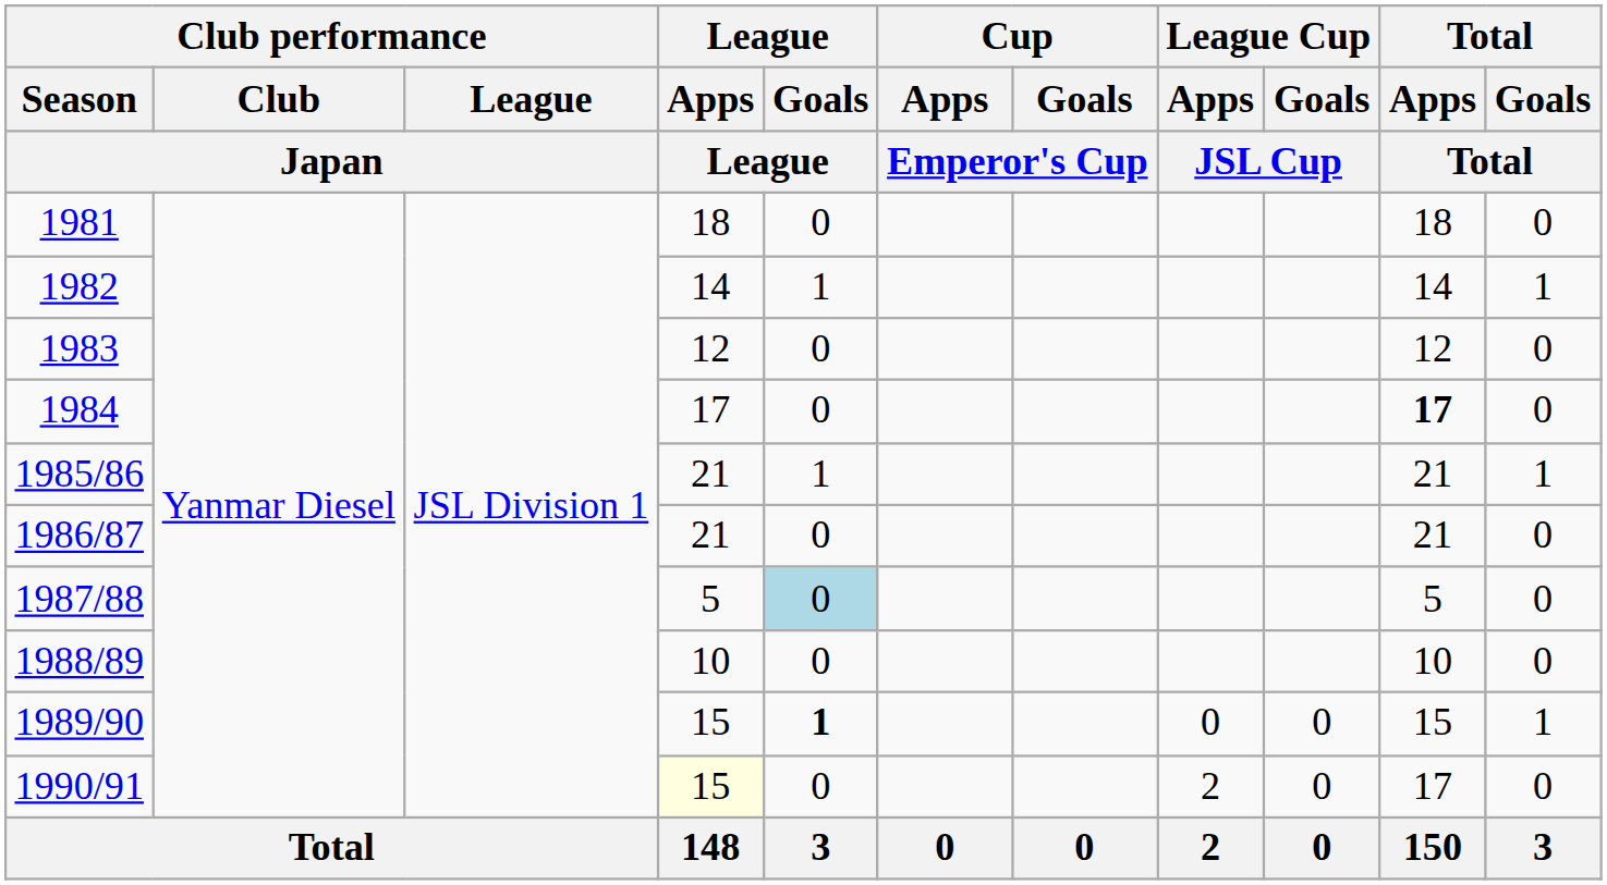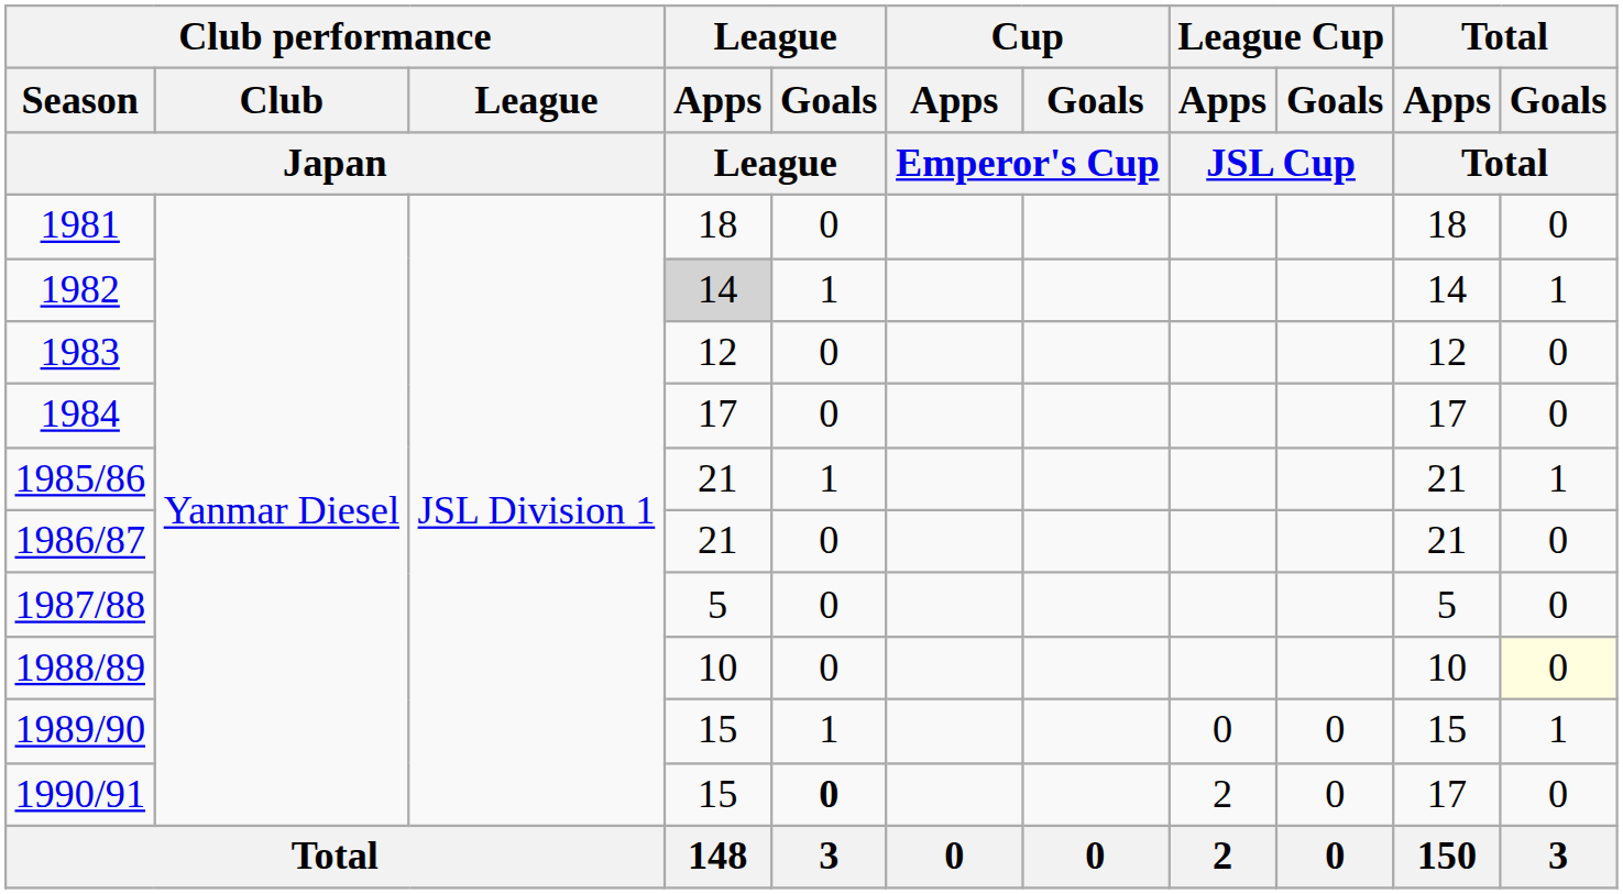 <table class="wikitable" style="text-align:center;">
 <tr>
 <th colspan=3>Club performance</th>
 <th colspan=2>League</th>
 <th colspan=2>Cup</th>
 <th colspan=2>League Cup</th>
 <th colspan=2>Total</th>
 </tr>
 <tr>
 <th>Season</th>
 <th>Club</th>
 <th>League</th>
 <th>Apps</th>
 <th>Goals</th>
 <th>Apps</th>
 <th>Goals</th>
 <th>Apps</th>
 <th>Goals</th>
 <th>Apps</th>
 <th>Goals</th>
 </tr>
 <tr>
 <th colspan=3>Japan</th>
 <th colspan=2>League</th>
 <th colspan=2><a href='#'>Emperor's Cup</a></th>
 <th colspan=2><a href='#'>JSL Cup</a></th>
 <th colspan=2>Total</th>
 </tr>
 <tr>
 <td><a href='#'>1981</a></td>
 <td rowspan="10"><a href='#'>Yanmar Diesel</a></td>
 <td rowspan="10"><a href='#'>JSL Division 1</a></td>
 <td>18</td>
 <td>0</td>
 <td></td>
 <td></td>
 <td></td>
 <td></td>
 <td>18</td>
 <td>0</td>
 </tr>
 <tr>
 <td><a href='#'>1982</a></td>
-<td>14</td>
+<td style="background: lightgrey;">14</td>
 <td>1</td>
 <td></td>
 <td></td>
 <td></td>
 <td></td>
 <td>14</td>
 <td>1</td>
 </tr>
 <tr>
 <td><a href='#'>1983</a></td>
 <td>12</td>
 <td>0</td>
 <td></td>
 <td></td>
 <td></td>
 <td></td>
 <td>12</td>
 <td>0</td>
 </tr>
 <tr>
 <td><a href='#'>1984</a></td>
 <td>17</td>
 <td>0</td>
 <td></td>
 <td></td>
 <td></td>
 <td></td>
-<td><strong>17</strong></td>
+<td>17</td>
 <td>0</td>
 </tr>
 <tr>
 <td><a href='#'>1985/86</a></td>
 <td>21</td>
 <td>1</td>
 <td></td>
 <td></td>
 <td></td>
 <td></td>
 <td>21</td>
 <td>1</td>
 </tr>
 <tr>
 <td><a href='#'>1986/87</a></td>
 <td>21</td>
 <td>0</td>
 <td></td>
 <td></td>
 <td></td>
 <td></td>
 <td>21</td>
 <td>0</td>
 </tr>
 <tr>
 <td><a href='#'>1987/88</a></td>
 <td>5</td>
-<td style="background: lightblue;">0</td>
+<td>0</td>
 <td></td>
 <td></td>
 <td></td>
 <td></td>
 <td>5</td>
 <td>0</td>
 </tr>
 <tr>
 <td><a href='#'>1988/89</a></td>
 <td>10</td>
 <td>0</td>
 <td></td>
 <td></td>
 <td></td>
 <td></td>
 <td>10</td>
-<td>0</td>
+<td style="background: lightyellow;">0</td>
 </tr>
 <tr>
 <td><a href='#'>1989/90</a></td>
 <td>15</td>
-<td><strong>1</strong></td>
+<td>1</td>
 <td></td>
 <td></td>
 <td>0</td>
 <td>0</td>
 <td>15</td>
 <td>1</td>
 </tr>
 <tr>
 <td><a href='#'>1990/91</a></td>
-<td style="background: lightyellow;">15</td>
-<td>0</td>
+<td>15</td>
+<td><strong>0</strong></td>
 <td></td>
 <td></td>
 <td>2</td>
 <td>0</td>
 <td>17</td>
 <td>0</td>
 </tr>
 <tr>
 <th colspan=3>Total</th>
 <th>148</th>
 <th>3</th>
 <th>0</th>
 <th>0</th>
 <th>2</th>
 <th>0</th>
 <th>150</th>
 <th>3</th>
 </tr>
 </table>
